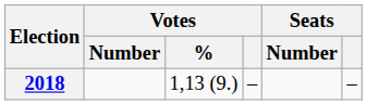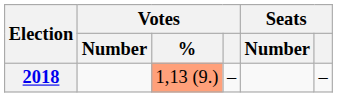 <table class="wikitable" style="text-align: right;">
 <tr>
 <th rowspan=2>Election</th>
 <th colspan=3>Votes</th>
 <th colspan=2>Seats</th>
 </tr>
 <tr>
 <th>Number</th>
 <th>%</th>
 <th></th>
 <th>Number</th>
 <th></th>
 </tr>
 <tr>
 <th><a href='#'>2018</a></th>
 <td></td>
-<td>1,13 (9.)</td>
+<td style="background: lightsalmon;">1,13 (9.)</td>
 <td style="text-align: center;">–</td>
 <td></td>
 <td style="text-align: center;">–</td>
 </tr>
 </table>
